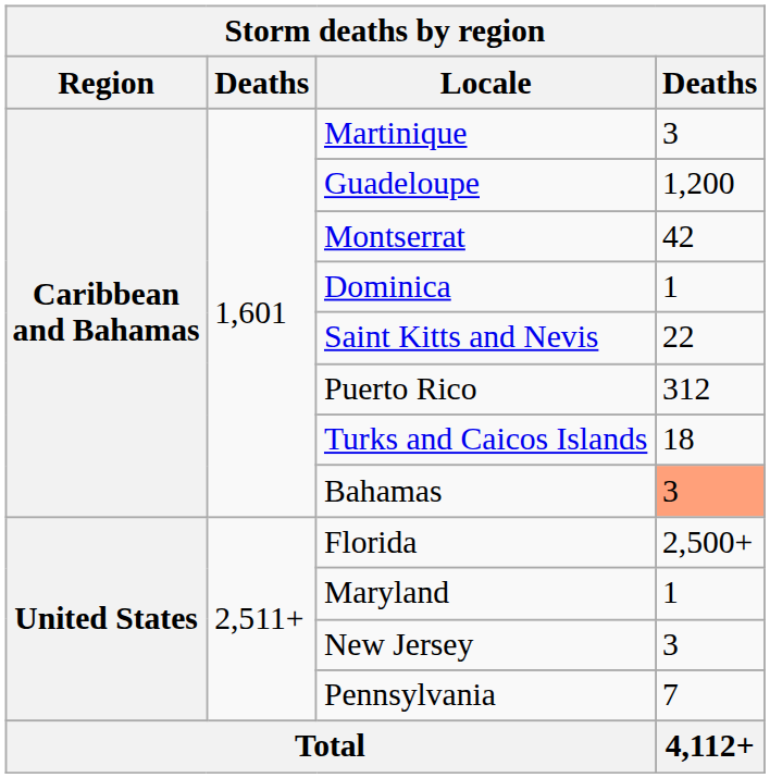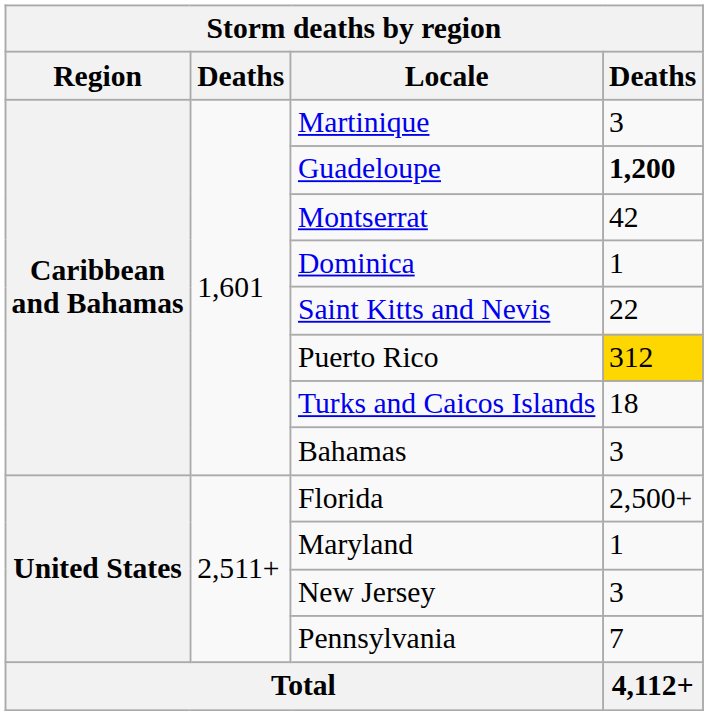 <table class="wikitable"  style="float:right; margin:10px;">
 <tr>
 <th colspan=4><strong>Storm deaths by region</strong></th>
 </tr>
 <tr>
 <th>Region</th>
 <th>Deaths</th>
 <th>Locale</th>
 <th>Deaths</th>
 </tr>
 <tr>
 <th rowspan=8>Caribbean <br> and Bahamas</th>
 <td rowspan=8>1,601</td>
 <td><a href='#'>Martinique</a></td>
 <td>3</td>
 </tr>
 <tr>
 <td><a href='#'>Guadeloupe</a></td>
-<td>1,200</td>
+<td><strong>1,200</strong></td>
 </tr>
 <tr>
 <td><a href='#'>Montserrat</a></td>
 <td>42</td>
 </tr>
 <tr>
 <td><a href='#'>Dominica</a></td>
 <td>1</td>
 </tr>
 <tr>
 <td><a href='#'>Saint Kitts and Nevis</a></td>
 <td>22</td>
 </tr>
 <tr>
 <td>Puerto Rico</td>
-<td>312</td>
+<td style="background: gold;">312</td>
 </tr>
 <tr>
 <td><a href='#'>Turks and Caicos Islands</a></td>
 <td>18</td>
 </tr>
 <tr>
 <td>Bahamas</td>
-<td style="background: lightsalmon;">3</td>
+<td>3</td>
 </tr>
 <tr>
 <th rowspan=4>United States</th>
 <td rowspan=4>2,511+</td>
 <td>Florida</td>
 <td>2,500+</td>
 </tr>
 <tr>
 <td>Maryland</td>
 <td>1</td>
 </tr>
 <tr>
 <td>New Jersey</td>
 <td>3</td>
 </tr>
 <tr>
 <td>Pennsylvania</td>
 <td>7</td>
 </tr>
 <tr>
 <th colspan=3>Total</th>
 <th colspan>4,112+</th>
 </tr>
 </table>
